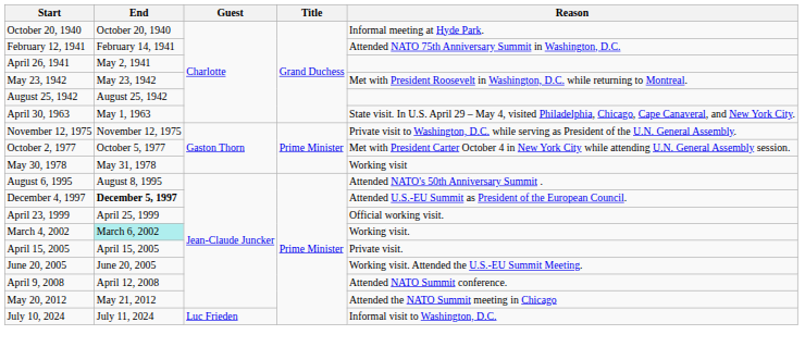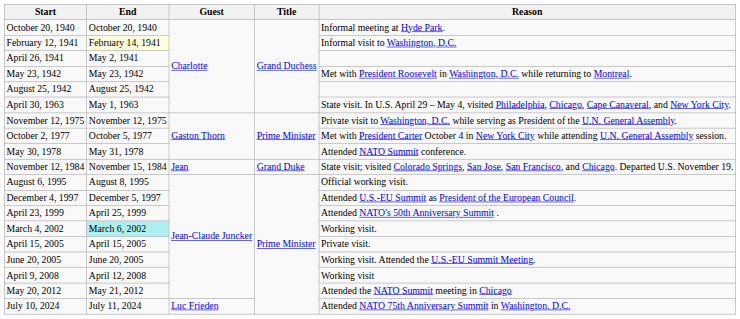 <table class="wikitable sortable">
 <tr>
 <th>Start</th>
 <th>End</th>
 <th>Guest</th>
 <th>Title</th>
 <th>Reason</th>
 </tr>
 <tr>
 <td>October 20, 1940</td>
 <td>October 20, 1940</td>
 <td rowspan=6><a href='#'>Charlotte</a></td>
 <td rowspan=6><a href='#'>Grand Duchess</a></td>
 <td>Informal meeting at <a href='#'>Hyde Park</a>.</td>
 </tr>
 <tr>
 <td>February 12, 1941</td>
-<td>February 14, 1941</td>
-<td>Attended <a href='#'>NATO 75th Anniversary Summit</a> in <a href='#'>Washington, D.C.</a></td>
+<td style="background: lightyellow;">February 14, 1941</td>
+<td>Informal visit to <a href='#'>Washington, D.C.</a></td>
 </tr>
 <tr>
 <td>April 26, 1941</td>
 <td>May 2, 1941</td>
 <td></td>
 </tr>
 <tr>
 <td>May 23, 1942</td>
 <td>May 23, 1942</td>
 <td>Met with <a href='#'>President Roosevelt</a> in <a href='#'>Washington, D.C.</a> while returning to <a href='#'>Montreal</a>.</td>
 </tr>
 <tr>
 <td>August 25, 1942</td>
 <td>August 25, 1942</td>
 <td></td>
 </tr>
 <tr>
 <td>April 30, 1963</td>
 <td>May 1, 1963</td>
 <td>State visit. In U.S. April 29 – May 4, visited <a href='#'>Philadelphia</a>, <a href='#'>Chicago</a>, <a href='#'>Cape Canaveral</a>, and <a href='#'>New York City</a>.</td>
 </tr>
 <tr>
 <td>November 12, 1975</td>
 <td>November 12, 1975</td>
 <td rowspan=3><a href='#'>Gaston Thorn</a></td>
 <td rowspan=3><a href='#'>Prime Minister</a></td>
 <td>Private visit to <a href='#'>Washington, D.C.</a> while serving as President of the <a href='#'>U.N. General Assembly</a>.</td>
 </tr>
 <tr>
 <td>October 2, 1977</td>
 <td>October 5, 1977</td>
 <td>Met with <a href='#'>President Carter</a> October 4 in <a href='#'>New York City</a> while attending <a href='#'>U.N. General Assembly</a> session.</td>
 </tr>
 <tr>
 <td>May 30, 1978</td>
 <td>May 31, 1978</td>
-<td>Working visit</td>
+<td>Attended <a href='#'>NATO Summit</a> conference.</td>
+</tr>
+<tr>
+<td>November 12, 1984</td>
+<td>November 15, 1984</td>
+<td><a href='#'>Jean</a></td>
+<td><a href='#'>Grand Duke</a></td>
+<td>State visit; visited <a href='#'>Colorado Springs</a>, <a href='#'>San Jose</a>, <a href='#'>San Francisco</a>, and <a href='#'>Chicago</a>. Departed U.S. November 19.</td>
 </tr>
 <tr>
 <td>August 6, 1995</td>
 <td>August 8, 1995</td>
 <td rowspan=8><a href='#'>Jean-Claude Juncker</a></td>
 <td rowspan=9><a href='#'>Prime Minister</a></td>
-<td>Attended <a href='#'>NATO's 50th Anniversary Summit</a> .</td>
+<td>Official working visit.</td>
 </tr>
 <tr>
 <td>December 4, 1997</td>
-<td><strong>December 5, 1997</strong></td>
+<td>December 5, 1997</td>
 <td>Attended <a href='#'>U.S.-EU Summit</a> as <a href='#'>President of the European Council</a>.</td>
 </tr>
 <tr>
 <td>April 23, 1999</td>
 <td>April 25, 1999</td>
-<td>Official working visit.</td>
+<td>Attended <a href='#'>NATO's 50th Anniversary Summit</a> .</td>
 </tr>
 <tr>
 <td>March 4, 2002</td>
 <td style="background: paleturquoise;">March 6, 2002</td>
 <td>Working visit.</td>
 </tr>
 <tr>
 <td>April 15, 2005</td>
 <td>April 15, 2005</td>
 <td>Private visit.</td>
 </tr>
 <tr>
 <td>June 20, 2005</td>
 <td>June 20, 2005</td>
 <td>Working visit. Attended the <a href='#'>U.S.-EU Summit Meeting</a>.</td>
 </tr>
 <tr>
 <td>April 9, 2008</td>
 <td>April 12, 2008</td>
-<td>Attended <a href='#'>NATO Summit</a> conference.</td>
+<td>Working visit</td>
 </tr>
 <tr>
 <td>May 20, 2012</td>
 <td>May 21, 2012</td>
 <td>Attended the <a href='#'>NATO Summit</a> meeting in <a href='#'>Chicago</a></td>
 </tr>
 <tr>
 <td>July 10, 2024</td>
 <td>July 11, 2024</td>
 <td><a href='#'>Luc Frieden</a></td>
-<td>Informal visit to <a href='#'>Washington, D.C.</a></td>
+<td>Attended <a href='#'>NATO 75th Anniversary Summit</a> in <a href='#'>Washington, D.C.</a></td>
 </tr>
 </table>
